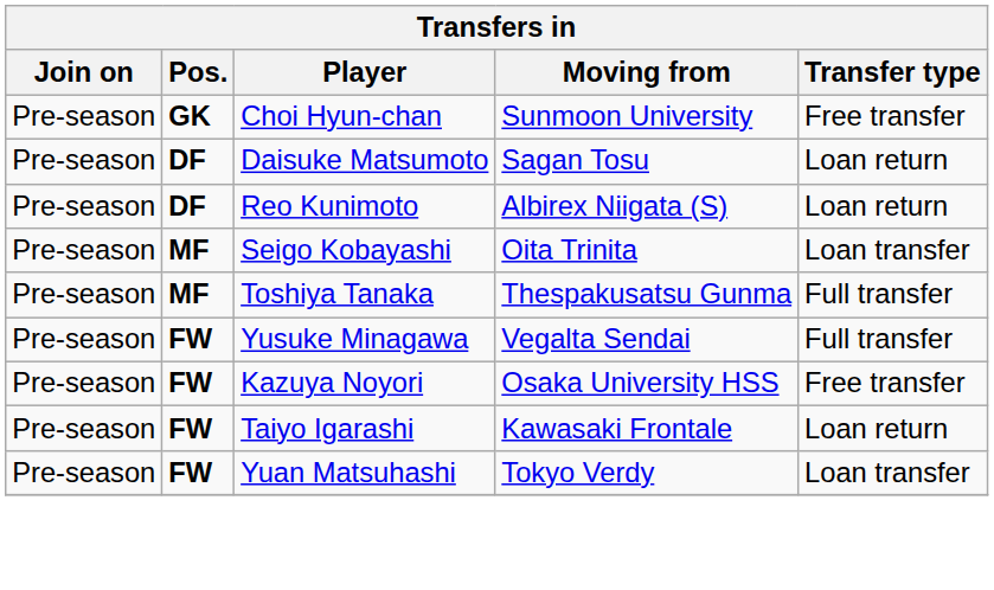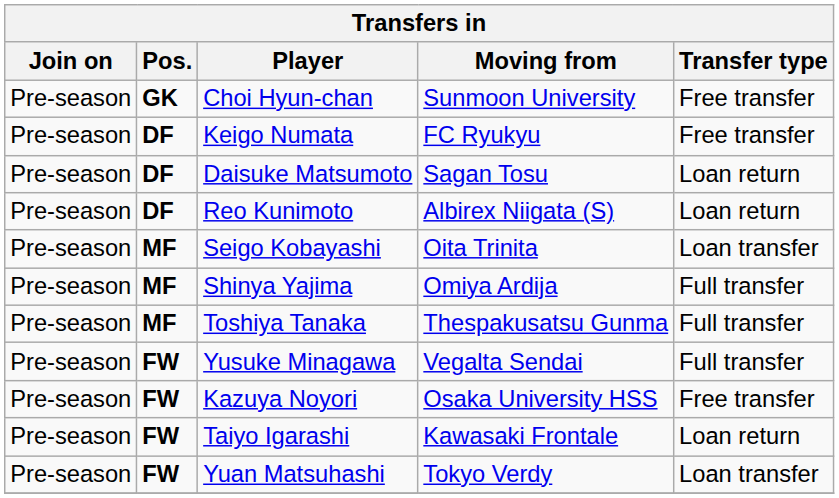 <table class="wikitable sortable" style=“text-align:left;>
 <tr>
 <th colspan="5">Transfers in</th>
 </tr>
 <tr>
 <th>Join on</th>
 <th>Pos.</th>
 <th>Player</th>
 <th>Moving from</th>
 <th>Transfer type</th>
 </tr>
 <tr>
 <td>Pre-season</td>
 <td><strong>GK</strong></td>
 <td> <a href='#'>Choi Hyun-chan</a></td>
 <td> <a href='#'>Sunmoon University</a></td>
+<td>Free transfer</td>
+</tr>
+<tr>
+<td>Pre-season</td>
+<td><strong>DF</strong></td>
+<td> <a href='#'>Keigo Numata</a></td>
+<td> <a href='#'>FC Ryukyu</a></td>
 <td>Free transfer</td>
 </tr>
 <tr>
 <td>Pre-season</td>
 <td><strong>DF</strong></td>
 <td> <a href='#'>Daisuke Matsumoto</a></td>
 <td> <a href='#'>Sagan Tosu</a></td>
 <td>Loan return</td>
 </tr>
 <tr>
 <td>Pre-season</td>
 <td><strong>DF</strong></td>
 <td> <a href='#'>Reo Kunimoto</a></td>
 <td> <a href='#'>Albirex Niigata (S)</a></td>
 <td>Loan return</td>
 </tr>
 <tr>
 <td>Pre-season</td>
 <td><strong>MF</strong></td>
 <td> <a href='#'>Seigo Kobayashi</a></td>
 <td> <a href='#'>Oita Trinita</a></td>
 <td>Loan transfer</td>
+</tr>
+<tr>
+<td>Pre-season</td>
+<td><strong>MF</strong></td>
+<td> <a href='#'>Shinya Yajima</a></td>
+<td> <a href='#'>Omiya Ardija</a></td>
+<td>Full transfer</td>
 </tr>
 <tr>
 <td>Pre-season</td>
 <td><strong>MF</strong></td>
 <td> <a href='#'>Toshiya Tanaka</a></td>
 <td> <a href='#'>Thespakusatsu Gunma</a></td>
 <td>Full transfer</td>
 </tr>
 <tr>
 <td>Pre-season</td>
 <td><strong>FW</strong></td>
 <td> <a href='#'>Yusuke Minagawa</a></td>
 <td> <a href='#'>Vegalta Sendai</a></td>
 <td>Full transfer</td>
 </tr>
 <tr>
 <td>Pre-season</td>
 <td><strong>FW</strong></td>
 <td> <a href='#'>Kazuya Noyori</a></td>
 <td> <a href='#'>Osaka University HSS</a></td>
 <td>Free transfer</td>
 </tr>
 <tr>
 <td>Pre-season</td>
 <td><strong>FW</strong></td>
 <td> <a href='#'>Taiyo Igarashi</a></td>
 <td> <a href='#'>Kawasaki Frontale</a></td>
 <td>Loan return</td>
 </tr>
 <tr>
 <td>Pre-season</td>
 <td><strong>FW</strong></td>
 <td> <a href='#'>Yuan Matsuhashi</a></td>
 <td> <a href='#'>Tokyo Verdy</a></td>
 <td>Loan transfer</td>
 </tr>
 <tr>
 </tr>
 </table>
